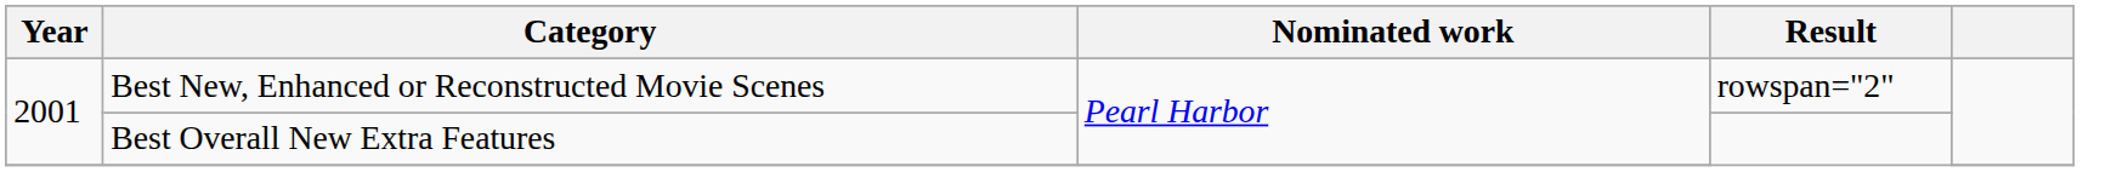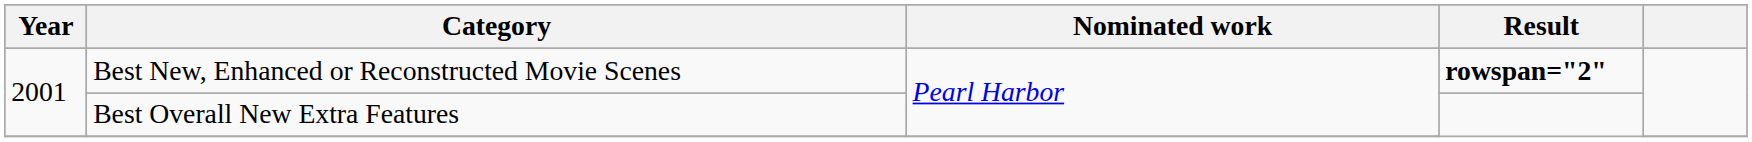 <table class=wikitable>
 <tr>
 <th width=4%>Year</th>
 <th width=40%>Category</th>
 <th width=26%>Nominated work</th>
 <th width=10%>Result</th>
 <th width=5%></th>
 </tr>
 <tr>
 <td rowspan="2">2001</td>
 <td>Best New, Enhanced or Reconstructed Movie Scenes</td>
 <td rowspan="2"><em><a href='#'>Pearl Harbor</a></em></td>
-<td>rowspan="2" </td>
+<td><strong>rowspan="2" </strong></td>
 <td rowspan="2"></td>
 </tr>
 <tr>
 <td>Best Overall New Extra Features</td>
 </tr>
 <tr>
 </tr>
 </table>
